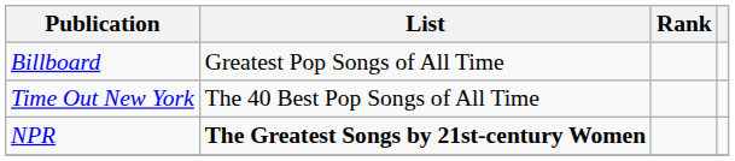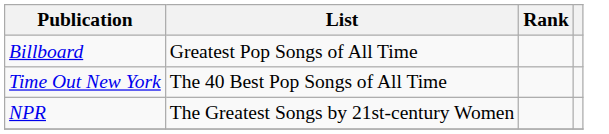 <table class="sortable wikitable">
 <tr>
 <th>Publication</th>
 <th>List</th>
 <th>Rank</th>
 <th class="unsortable"></th>
 </tr>
 <tr>
 <td><em><a href='#'>Billboard</a></em></td>
 <td>Greatest Pop Songs of All Time</td>
 <td></td>
 <td></td>
 </tr>
 <tr>
 <td><em><a href='#'>Time Out New York</a></em></td>
 <td>The 40 Best Pop Songs of All Time</td>
 <td></td>
 <td></td>
 </tr>
 <tr>
 <td><em><a href='#'>NPR</a></em></td>
-<td><strong>The Greatest Songs by 21st-century Women</strong></td>
+<td>The Greatest Songs by 21st-century Women</td>
 <td></td>
 <td></td>
 </tr>
 <tr>
 </tr>
 </table>
